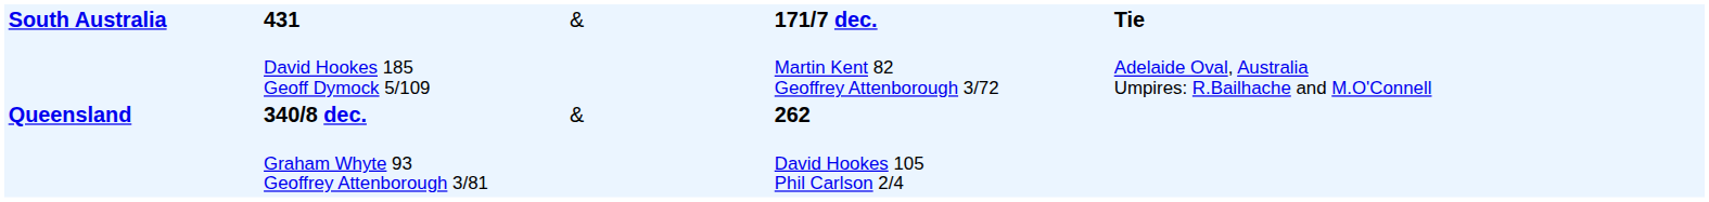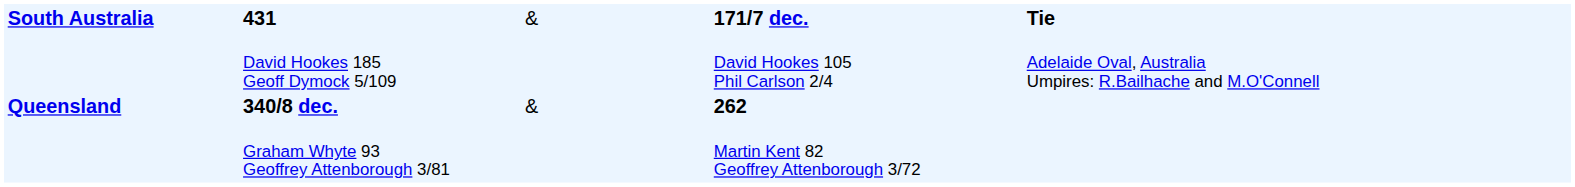 <table width="100%" style="background: #EBF5FF">
 <tr>
 <td width="15%" valign="top" rowspan="2"><strong><a href='#'>South Australia</a></strong></td>
 <td width="18%"><strong>431</strong></td>
 <td width="12%">&</td>
 <td width="20%"><strong>171/7 <a href='#'>dec.</a></strong></td>
 <td width="35%"><strong>Tie</strong></td>
 </tr>
 <tr>
 <td style="font-size: 85%;" valign="top"><br><a href='#'>David Hookes</a> 185<br> <a href='#'>Geoff Dymock</a> 5/109</td>
 <td></td>
-<td valign="top" style="font-size: 85%;"><br><a href='#'>Martin Kent</a> 82<br> <a href='#'>Geoffrey Attenborough</a> 3/72</td>
+<td style="font-size: 85%;"><br><a href='#'>David Hookes</a> 105<br> <a href='#'>Phil Carlson</a> 2/4</td>
 <td valign="top" style="font-size: 85%;" rowspan="3"><br><a href='#'>Adelaide Oval</a>, <a href='#'>Australia</a><br> Umpires: <a href='#'>R.Bailhache</a> and <a href='#'>M.O'Connell</a></td>
 </tr>
 <tr>
 <td valign="top" rowspan="2"><strong><a href='#'>Queensland</a></strong></td>
 <td><strong>340/8 <a href='#'>dec.</a></strong></td>
 <td>&</td>
 <td><strong>262</strong></td>
 </tr>
 <tr>
 <td style="font-size: 85%;"><br><a href='#'>Graham Whyte</a> 93<br> <a href='#'>Geoffrey Attenborough</a> 3/81</td>
 <td></td>
-<td style="font-size: 85%;"><br><a href='#'>David Hookes</a> 105<br> <a href='#'>Phil Carlson</a> 2/4</td>
+<td valign="top" style="font-size: 85%;"><br><a href='#'>Martin Kent</a> 82<br> <a href='#'>Geoffrey Attenborough</a> 3/72</td>
 </tr>
 </table>
